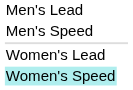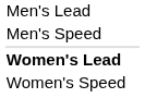 <table>
 <tr>
 <td>Men's Lead</td>
 <td></td>
 <td></td>
 <td></td>
 </tr>
 <tr>
 <td>Men's Speed</td>
 <td></td>
 <td></td>
 <td></td>
 </tr>
 <tr bgcolor=#DDDDDD>
 <td colspan=7></td>
 </tr>
 <tr>
-<td>Women's Lead</td>
+<td><strong>Women's Lead</strong></td>
 <td></td>
 <td></td>
 <td></td>
 </tr>
 <tr>
-<td style="background: paleturquoise;">Women's Speed</td>
+<td>Women's Speed</td>
 <td></td>
 <td></td>
 <td></td>
 </tr>
 </table>
